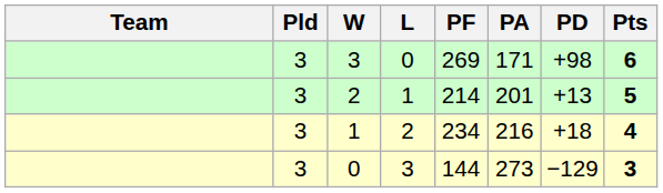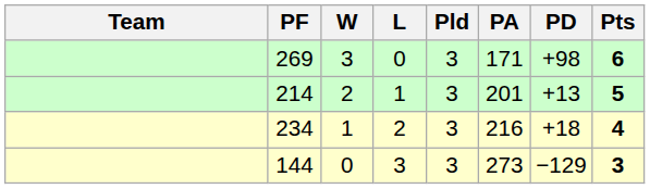 <table class=wikitable style="text-align:center">
 <tr>
 <th width=180>Team</th>
-<th width=30>Pld</th>
+<th width=30>PF</th>
 <th width=30>W</th>
 <th width=30>L</th>
-<th width=30>PF</th>
+<th width=30>Pld</th>
 <th width=30>PA</th>
 <th width=30>PD</th>
 <th width=30>Pts</th>
 </tr>
 <tr bgcolor="#ccffcc">
 <td align="left"></td>
-<td>3</td>
+<td>269</td>
 <td>3</td>
 <td>0</td>
-<td>269</td>
+<td>3</td>
 <td>171</td>
 <td>+98</td>
 <td><strong>6</strong></td>
 </tr>
 <tr bgcolor="#ccffcc">
 <td align="left"></td>
-<td>3</td>
+<td>214</td>
 <td>2</td>
 <td>1</td>
-<td>214</td>
+<td>3</td>
 <td>201</td>
 <td>+13</td>
 <td><strong>5</strong></td>
 </tr>
 <tr bgcolor="ffffcc">
 <td align="left"></td>
-<td>3</td>
+<td>234</td>
 <td>1</td>
 <td>2</td>
-<td>234</td>
+<td>3</td>
 <td>216</td>
 <td>+18</td>
 <td><strong>4</strong></td>
 </tr>
 <tr bgcolor="ffffcc">
 <td align="left"></td>
-<td>3</td>
+<td>144</td>
 <td>0</td>
 <td>3</td>
-<td>144</td>
+<td>3</td>
 <td>273</td>
 <td>−129</td>
 <td><strong>3</strong></td>
 </tr>
 </table>
